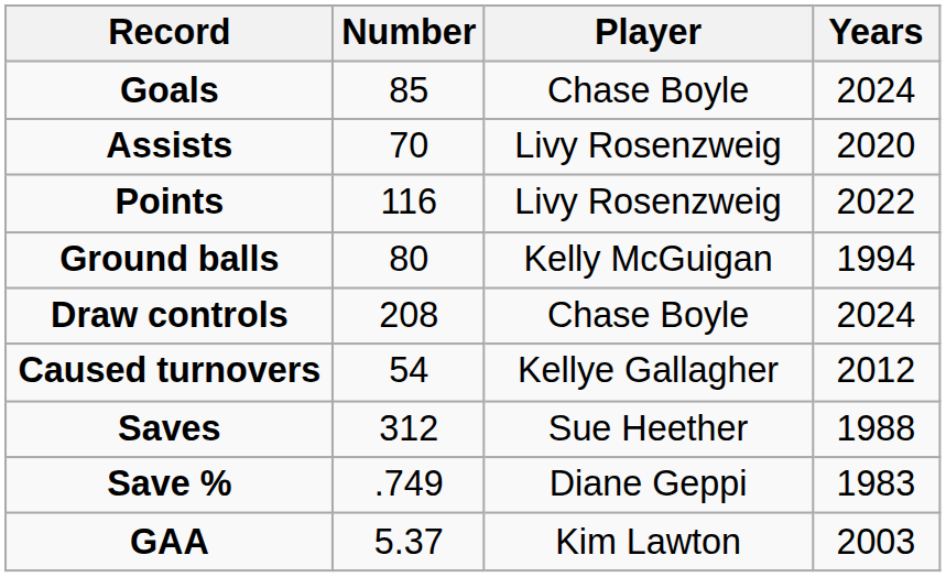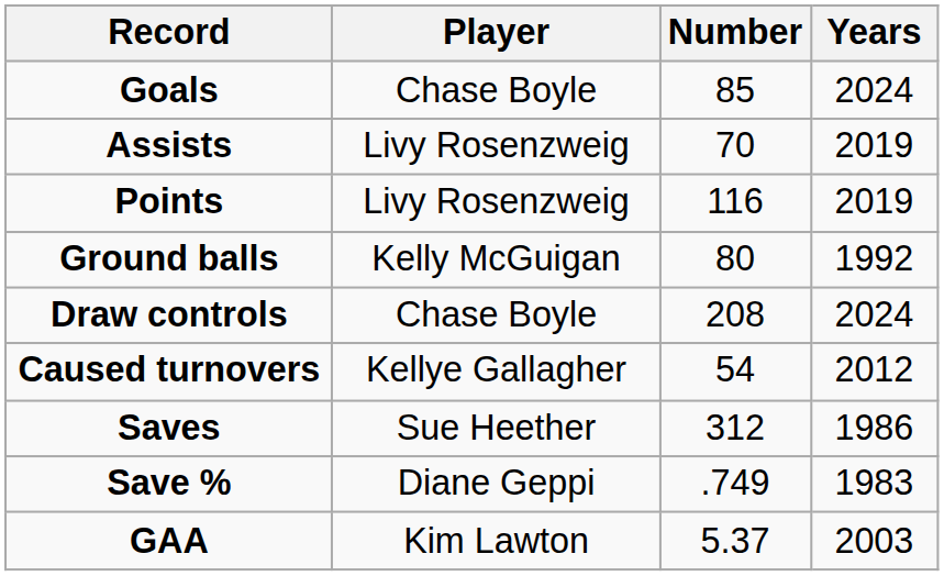 <table class="wikitable">
 <tr>
 <th style="width:140px; ">Record</th>
+<th style="width:140px; ">Player</th>
 <th style="width:35px; ">Number</th>
-<th style="width:140px; ">Player</th>
 <th style="width:50px; ">Years</th>
 </tr>
 <tr style="text-align:center;">
 <td><strong>Goals</strong></td>
+<td>Chase Boyle</td>
 <td>85</td>
-<td>Chase Boyle</td>
 <td>2024</td>
 </tr>
 <tr style="text-align:center;">
 <td><strong>Assists</strong></td>
+<td>Livy Rosenzweig</td>
 <td>70</td>
-<td>Livy Rosenzweig</td>
-<td>2020</td>
+<td>2019</td>
 </tr>
 <tr style="text-align:center;">
 <td><strong>Points</strong></td>
+<td>Livy Rosenzweig</td>
 <td>116</td>
-<td>Livy Rosenzweig</td>
-<td>2022</td>
+<td>2019</td>
 </tr>
 <tr style="text-align:center;">
 <td><strong>Ground balls</strong></td>
+<td>Kelly McGuigan</td>
 <td>80</td>
-<td>Kelly McGuigan</td>
-<td>1994</td>
+<td>1992</td>
 </tr>
 <tr style="text-align:center;">
 <td><strong>Draw controls</strong></td>
+<td>Chase Boyle</td>
 <td>208</td>
-<td>Chase Boyle</td>
 <td>2024</td>
 </tr>
 <tr style="text-align:center;">
 <td><strong>Caused turnovers</strong></td>
+<td>Kellye Gallagher</td>
 <td>54</td>
-<td>Kellye Gallagher</td>
 <td>2012</td>
 </tr>
 <tr style="text-align:center;">
 <td><strong>Saves</strong></td>
+<td>Sue Heether</td>
 <td>312</td>
-<td>Sue Heether</td>
-<td>1988</td>
+<td>1986</td>
 </tr>
 <tr style="text-align:center;">
 <td><strong>Save %</strong></td>
+<td>Diane Geppi</td>
 <td>.749</td>
-<td>Diane Geppi</td>
 <td>1983</td>
 </tr>
 <tr style="text-align:center;">
 <td><strong>GAA</strong></td>
+<td>Kim Lawton</td>
 <td>5.37</td>
-<td>Kim Lawton</td>
 <td>2003</td>
 </tr>
 </table>
